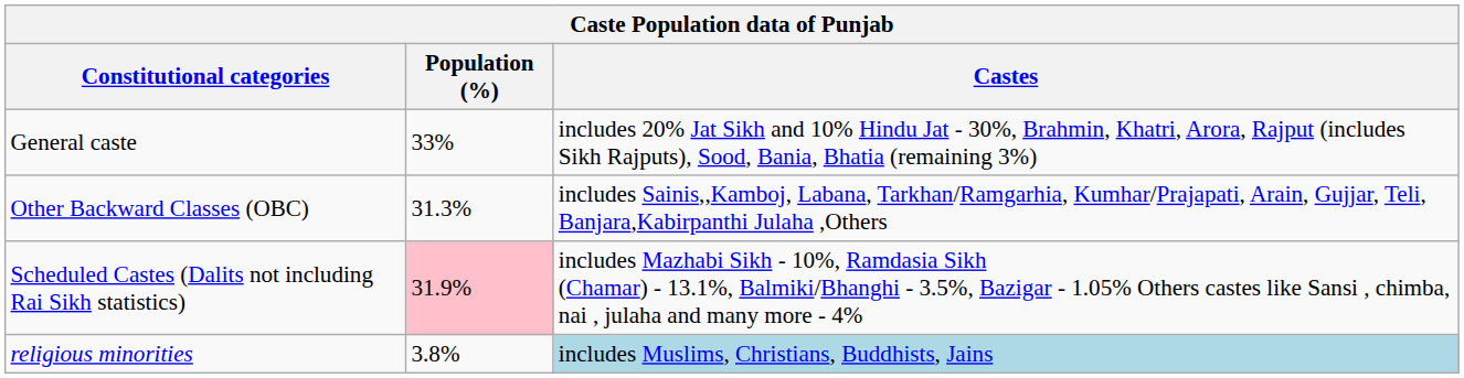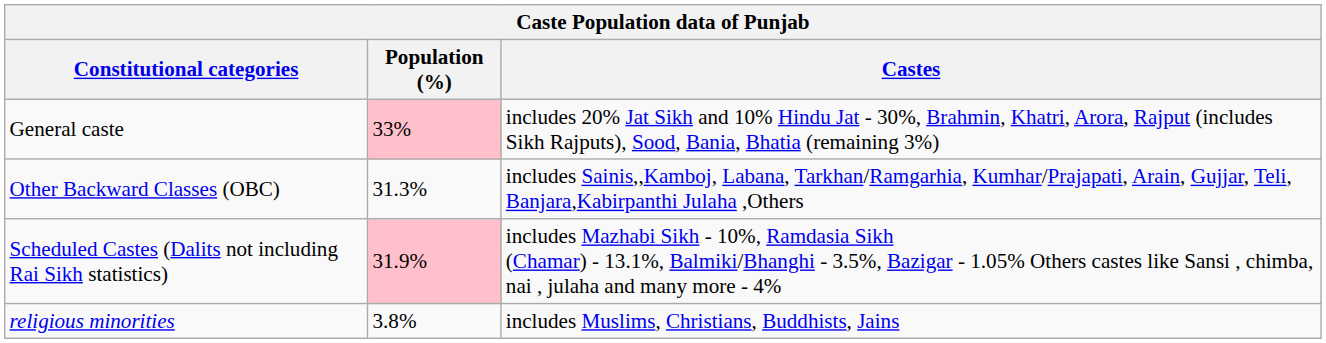 <table class="wikitable" style="width: 75%;font-size: 95%;align:center;">
 <tr>
 <th colspan="3">Caste Population data of Punjab</th>
 </tr>
 <tr>
 <th><a href='#'>Constitutional categories</a></th>
 <th>Population (%)</th>
 <th><a href='#'>Castes</a></th>
 </tr>
 <tr>
 <td>General caste</td>
-<td>33%</td>
+<td style="background: pink;">33%</td>
 <td>includes 20% <a href='#'>Jat Sikh</a> and 10% <a href='#'>Hindu Jat</a> - 30%, <a href='#'>Brahmin</a>, <a href='#'>Khatri</a>, <a href='#'>Arora</a>, <a href='#'>Rajput</a> (includes Sikh Rajputs), <a href='#'>Sood</a>, <a href='#'>Bania</a>, <a href='#'>Bhatia</a> (remaining 3%)</td>
 </tr>
 <tr>
 <td><a href='#'>Other Backward Classes</a> (OBC)</td>
 <td>31.3%</td>
 <td>includes <a href='#'>Sainis</a>,,<a href='#'>Kamboj</a>, <a href='#'>Labana</a>, <a href='#'>Tarkhan</a>/<a href='#'>Ramgarhia</a>, <a href='#'>Kumhar</a>/<a href='#'>Prajapati</a>, <a href='#'>Arain</a>, <a href='#'>Gujjar</a>, <a href='#'>Teli</a>, <a href='#'>Banjara</a>,<a href='#'>Kabirpanthi Julaha</a> ,Others</td>
 </tr>
 <tr>
 <td><a href='#'>Scheduled Castes</a> (<a href='#'>Dalits</a> not including <a href='#'>Rai Sikh</a> statistics)</td>
 <td style="background: pink;">31.9%</td>
 <td>includes <a href='#'>Mazhabi Sikh</a> - 10%, <a href='#'>Ramdasia Sikh</a><br>(<a href='#'>Chamar</a>) - 13.1%, <a href='#'>Balmiki</a>/<a href='#'>Bhanghi</a> - 3.5%, <a href='#'>Bazigar</a> - 1.05% Others castes like Sansi , chimba, nai , julaha and many more - 4%</td>
 </tr>
 <tr>
 <td><em><a href='#'>religious minorities</a></em></td>
 <td>3.8%</td>
-<td style="background: lightblue;">includes <a href='#'>Muslims</a>, <a href='#'>Christians</a>, <a href='#'>Buddhists</a>, <a href='#'>Jains</a></td>
+<td>includes <a href='#'>Muslims</a>, <a href='#'>Christians</a>, <a href='#'>Buddhists</a>, <a href='#'>Jains</a></td>
 </tr>
 </table>
